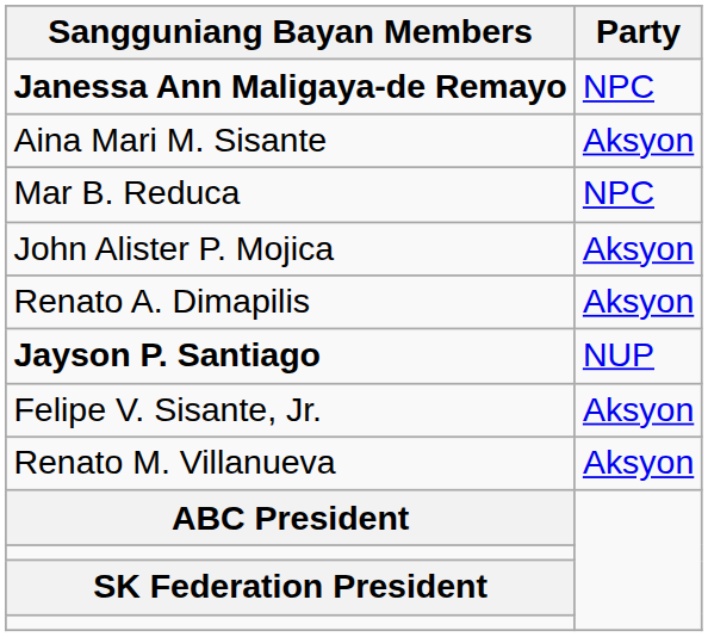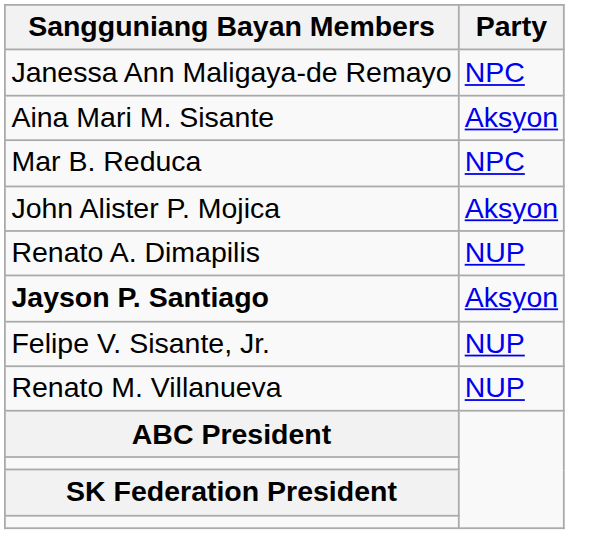 <table class="wikitable">
 <tr>
 <th>Sangguniang Bayan Members</th>
 <th>Party</th>
 </tr>
 <tr>
-<td><strong>Janessa Ann Maligaya-de Remayo</strong></td>
+<td>Janessa Ann Maligaya-de Remayo</td>
 <td><a href='#'>NPC</a></td>
 </tr>
 <tr>
 <td>Aina Mari M. Sisante</td>
 <td><a href='#'>Aksyon</a></td>
 </tr>
 <tr>
 <td>Mar B. Reduca</td>
 <td><a href='#'>NPC</a></td>
 </tr>
 <tr>
 <td>John Alister P. Mojica</td>
 <td><a href='#'>Aksyon</a></td>
 </tr>
 <tr>
 <td>Renato A. Dimapilis</td>
+<td><a href='#'>NUP</a></td>
+</tr>
+<tr>
+<td><strong>Jayson P. Santiago</strong></td>
 <td><a href='#'>Aksyon</a></td>
 </tr>
 <tr>
-<td><strong>Jayson P. Santiago</strong></td>
+<td>Felipe V. Sisante, Jr.</td>
 <td><a href='#'>NUP</a></td>
 </tr>
 <tr>
-<td>Felipe V. Sisante, Jr.</td>
-<td><a href='#'>Aksyon</a></td>
-</tr>
-<tr>
 <td>Renato M. Villanueva</td>
-<td><a href='#'>Aksyon</a></td>
+<td><a href='#'>NUP</a></td>
 </tr>
 <tr>
 <th>ABC President</th>
 </tr>
 <tr>
 <td></td>
 </tr>
 <tr>
 <th>SK Federation President</th>
 </tr>
 <tr>
 <td></td>
 </tr>
 </table>
